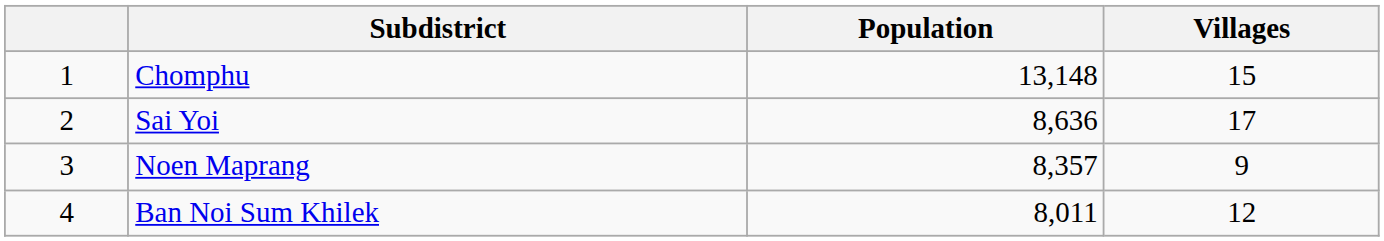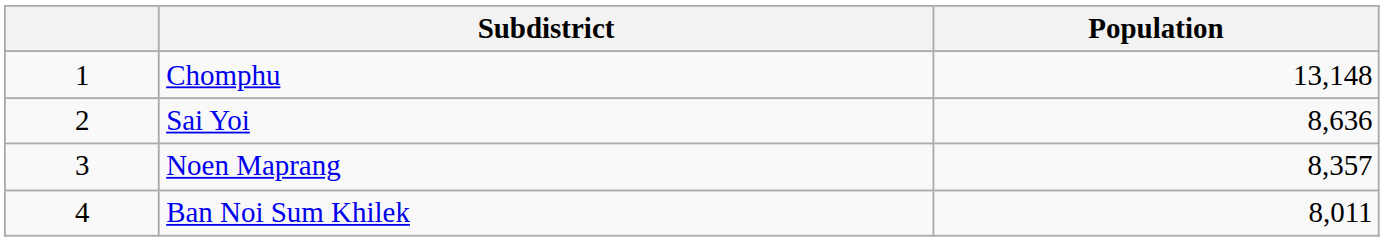 <table class="wikitable" style="width:48%; display:inline-table;">
 <tr>
 <th scope="col" style="width:9%;"> </th>
 <th scope="col" style="width:45%;">Subdistrict</th>
 <th scope="col" style="width:26%;">Population</th>
-<th scope="col" style="width:20%;">Villages</th>
 </tr>
 <tr>
 <td style="text-align:center;">1</td>
 <td><a href='#'>Chomphu</a></td>
 <td style="text-align:right;">13,148</td>
-<td style="text-align:center;">15</td>
 </tr>
 <tr>
 <td style="text-align:center;">2</td>
 <td><a href='#'>Sai Yoi</a></td>
 <td style="text-align:right;">8,636</td>
-<td style="text-align:center;">17</td>
 </tr>
 <tr>
 <td style="text-align:center;">3</td>
 <td><a href='#'>Noen Maprang</a></td>
 <td style="text-align:right;">8,357</td>
-<td style="text-align:center;">9</td>
 </tr>
 <tr>
 <td style="text-align:center;">4</td>
 <td><a href='#'>Ban Noi Sum Khilek</a></td>
 <td style="text-align:right;">8,011</td>
-<td style="text-align:center;">12</td>
 </tr>
 </table>
